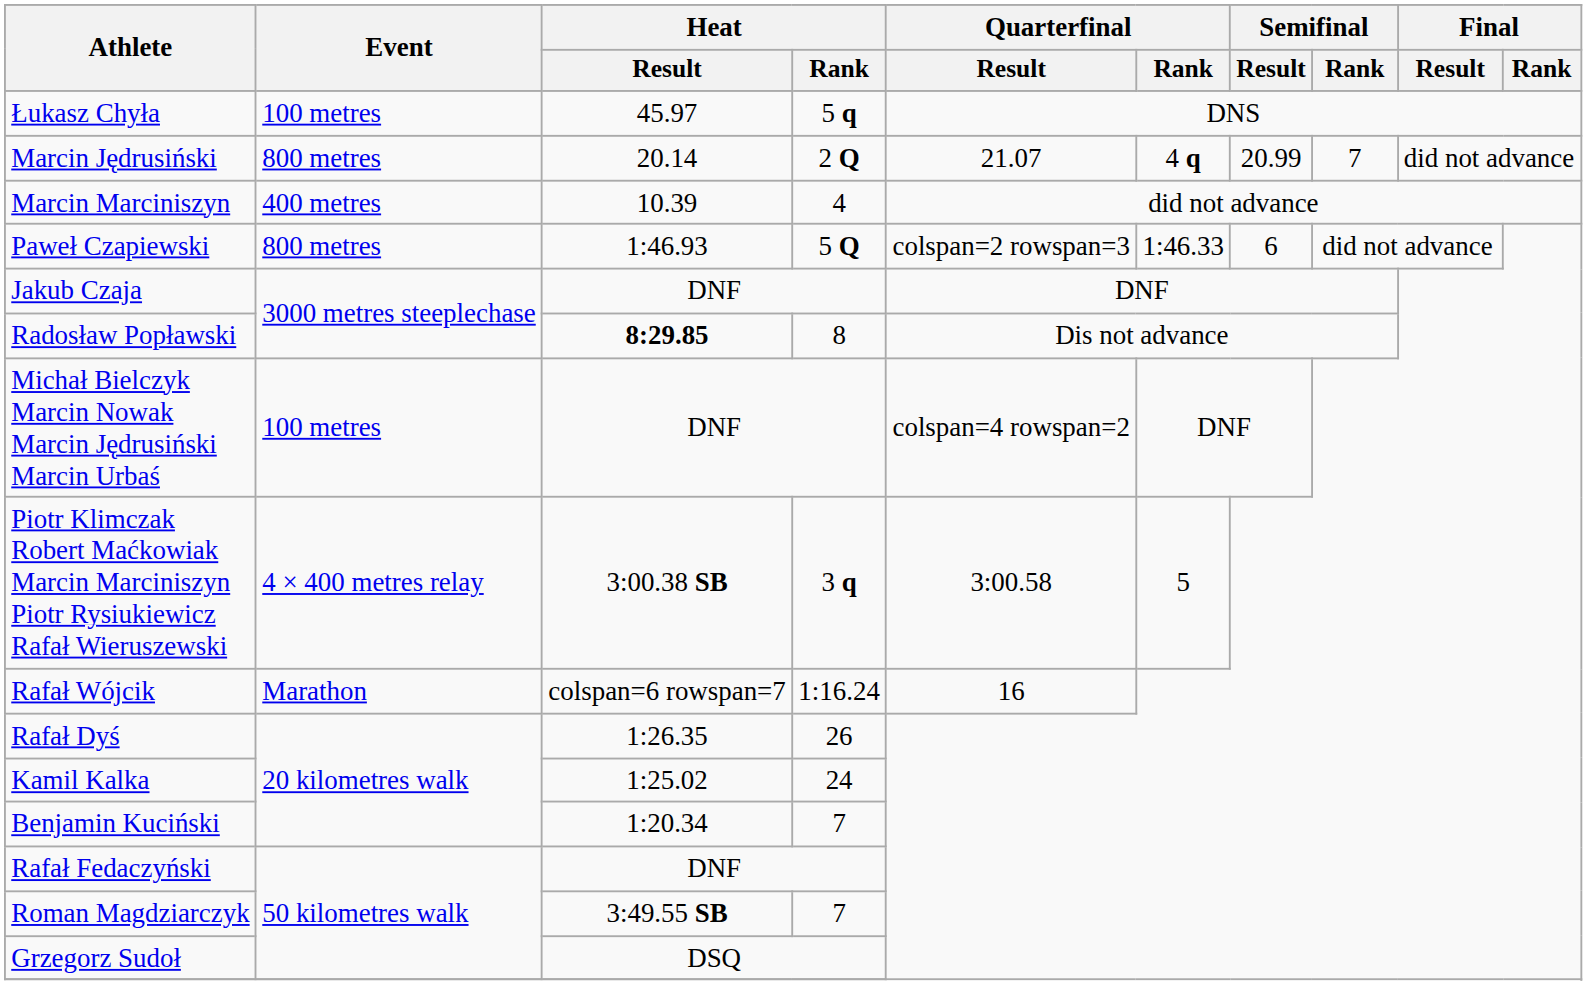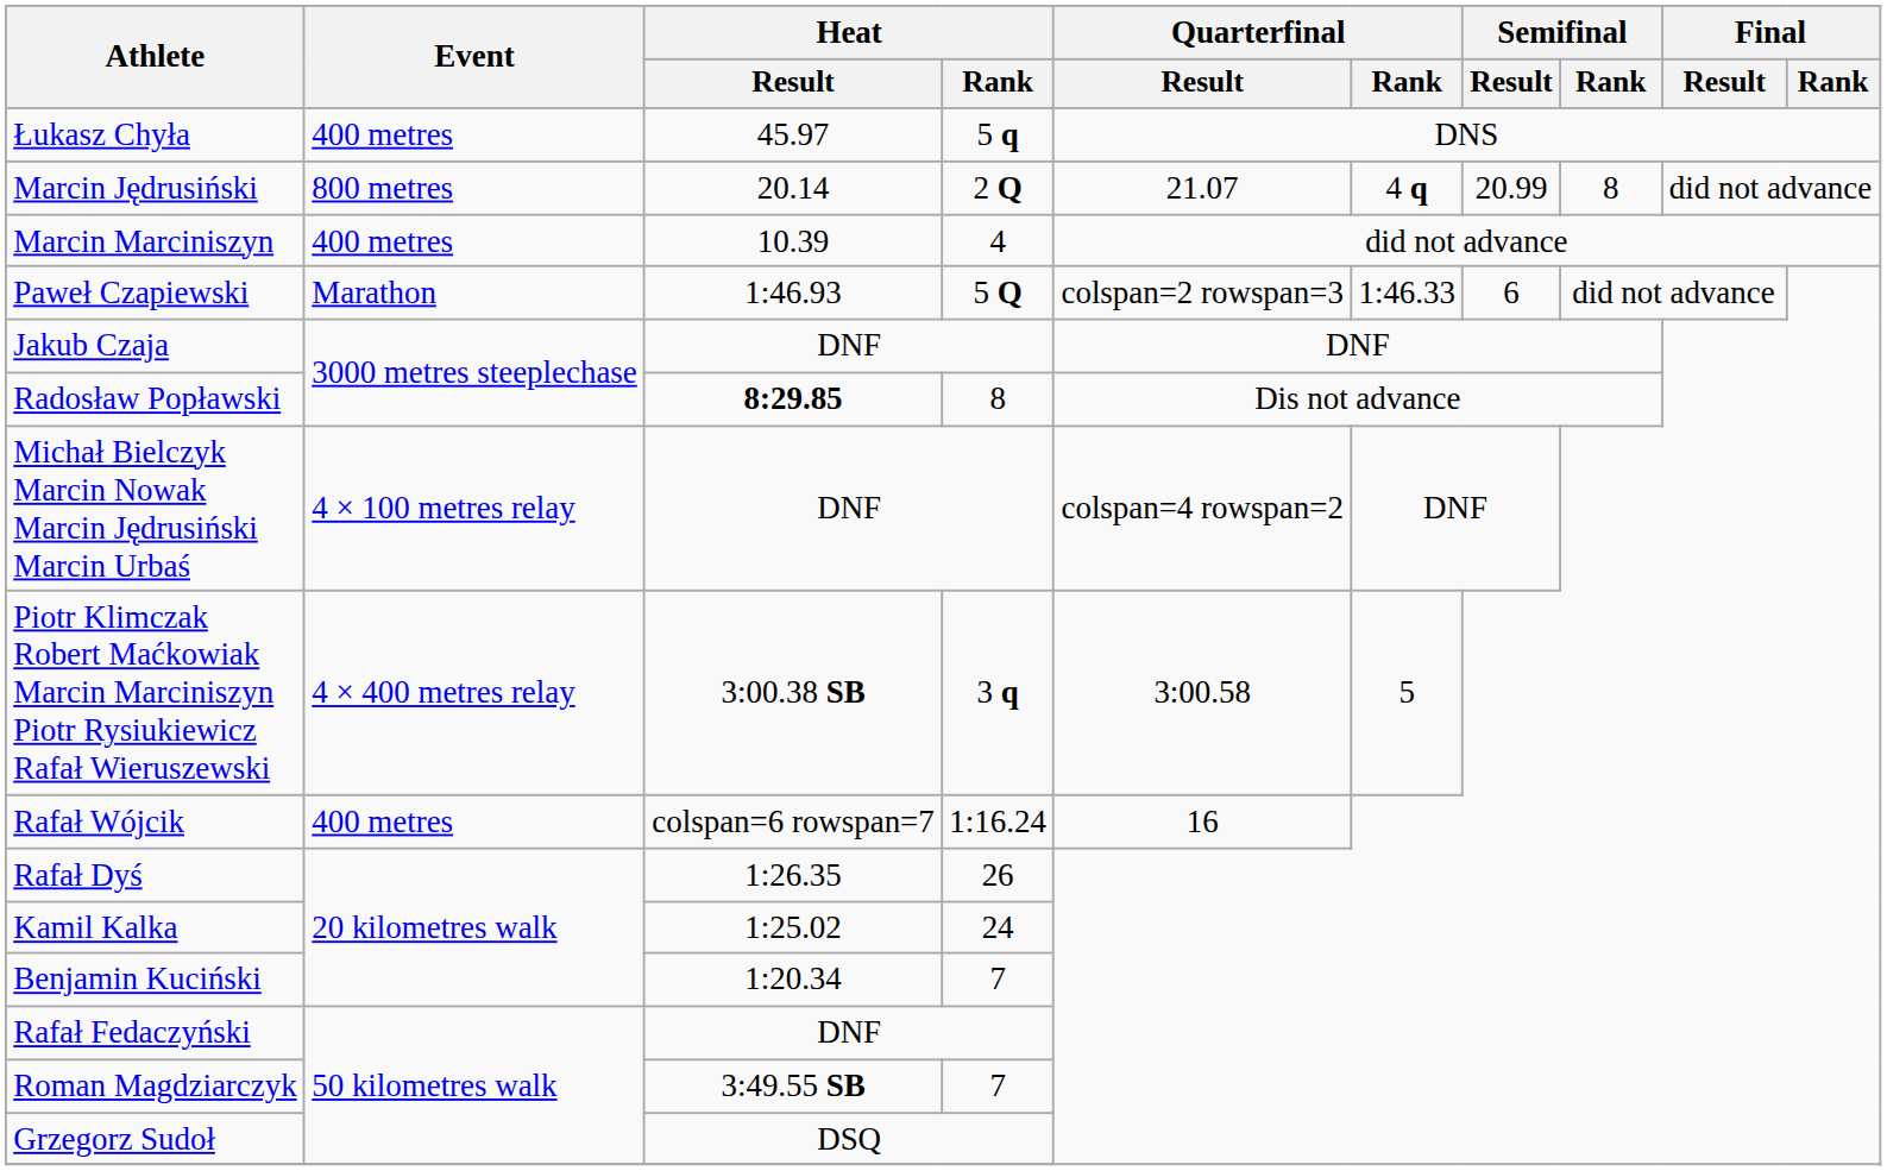 <table class="wikitable" style="font-size:90%">
 <tr>
 <th rowspan="2">Athlete</th>
 <th rowspan="2">Event</th>
 <th colspan="2">Heat</th>
 <th colspan="2">Quarterfinal</th>
 <th colspan="2">Semifinal</th>
 <th colspan="2">Final</th>
 </tr>
 <tr style="font-size:95%">
 <th>Result</th>
 <th>Rank</th>
 <th>Result</th>
 <th>Rank</th>
 <th>Result</th>
 <th>Rank</th>
 <th>Result</th>
 <th>Rank</th>
 </tr>
 <tr style=text-align:center>
 <td style=text-align:left><a href='#'>Łukasz Chyła</a></td>
-<td style=text-align:left><a href='#'>100 metres</a></td>
+<td style=text-align:left><a href='#'>400 metres</a></td>
 <td>45.97</td>
 <td>5 <strong>q</strong></td>
 <td colspan=6>DNS</td>
 </tr>
 <tr style=text-align:center>
 <td style=text-align:left><a href='#'>Marcin Jędrusiński</a></td>
 <td style=text-align:left><a href='#'>800 metres</a></td>
 <td>20.14</td>
 <td>2 <strong>Q</strong></td>
 <td>21.07</td>
 <td>4 <strong>q</strong></td>
 <td>20.99</td>
-<td>7</td>
+<td>8</td>
 <td colspan=2>did not advance</td>
 </tr>
 <tr style=text-align:center>
 <td style=text-align:left><a href='#'>Marcin Marciniszyn</a></td>
 <td style=text-align:left><a href='#'>400 metres</a></td>
 <td>10.39</td>
 <td>4</td>
 <td colspan=6>did not advance</td>
 </tr>
 <tr style=text-align:center>
 <td style=text-align:left><a href='#'>Paweł Czapiewski</a></td>
-<td style=text-align:left><a href='#'>800 metres</a></td>
+<td style=text-align:left><a href='#'>Marathon</a></td>
 <td>1:46.93</td>
 <td>5 <strong>Q</strong></td>
 <td>colspan=2 rowspan=3 </td>
 <td>1:46.33</td>
 <td>6</td>
 <td colspan=2>did not advance</td>
 </tr>
 <tr style=text-align:center>
 <td style=text-align:left><a href='#'>Jakub Czaja</a></td>
 <td style=text-align:left rowspan=2><a href='#'>3000 metres steeplechase</a></td>
 <td colspan=2>DNF</td>
 <td colspan=4>DNF</td>
 </tr>
 <tr style=text-align:center>
 <td style=text-align:left><a href='#'>Radosław Popławski</a></td>
 <td><strong>8:29.85</strong></td>
 <td>8</td>
 <td colspan=4>Dis not advance</td>
 </tr>
 <tr style=text-align:center>
 <td style=text-align:left><a href='#'>Michał Bielczyk</a><br><a href='#'>Marcin Nowak</a><br><a href='#'>Marcin Jędrusiński</a><br><a href='#'>Marcin Urbaś</a></td>
-<td style=text-align:left><a href='#'>100 metres</a></td>
+<td style=text-align:left><a href='#'>4 × 100 metres relay</a></td>
 <td colspan=2>DNF</td>
 <td>colspan=4 rowspan=2 </td>
 <td colspan=2>DNF</td>
 </tr>
 <tr style=text-align:center>
 <td style=text-align:left><a href='#'>Piotr Klimczak</a><br><a href='#'>Robert Maćkowiak</a><br><a href='#'>Marcin Marciniszyn</a><br><a href='#'>Piotr Rysiukiewicz</a><br><a href='#'>Rafał Wieruszewski</a></td>
 <td style=text-align:left><a href='#'>4 × 400 metres relay</a></td>
 <td>3:00.38 <strong>SB</strong></td>
 <td>3 <strong>q</strong></td>
 <td>3:00.58</td>
 <td>5</td>
 </tr>
 <tr style=text-align:center>
 <td style=text-align:left><a href='#'>Rafał Wójcik</a></td>
-<td style=text-align:left><a href='#'>Marathon</a></td>
+<td style=text-align:left><a href='#'>400 metres</a></td>
 <td>colspan=6 rowspan=7 </td>
 <td>1:16.24</td>
 <td>16</td>
 </tr>
 <tr style=text-align:center>
 <td style=text-align:left><a href='#'>Rafał Dyś</a></td>
 <td style=text-align:left rowspan=3><a href='#'>20 kilometres walk</a></td>
 <td>1:26.35</td>
 <td>26</td>
 </tr>
 <tr style=text-align:center>
 <td style=text-align:left><a href='#'>Kamil Kalka</a></td>
 <td>1:25.02</td>
 <td>24</td>
 </tr>
 <tr style=text-align:center>
 <td style=text-align:left><a href='#'>Benjamin Kuciński</a></td>
 <td>1:20.34</td>
 <td>7</td>
 </tr>
 <tr style=text-align:center>
 <td style=text-align:left><a href='#'>Rafał Fedaczyński</a></td>
 <td style=text-align:left rowspan=3><a href='#'>50 kilometres walk</a></td>
 <td colspan=2>DNF</td>
 </tr>
 <tr style=text-align:center>
 <td style=text-align:left><a href='#'>Roman Magdziarczyk</a></td>
 <td>3:49.55 <strong>SB</strong></td>
 <td>7</td>
 </tr>
 <tr style=text-align:center>
 <td style=text-align:left><a href='#'>Grzegorz Sudoł</a></td>
 <td colspan=2>DSQ</td>
 </tr>
 <tr>
 </tr>
 </table>
